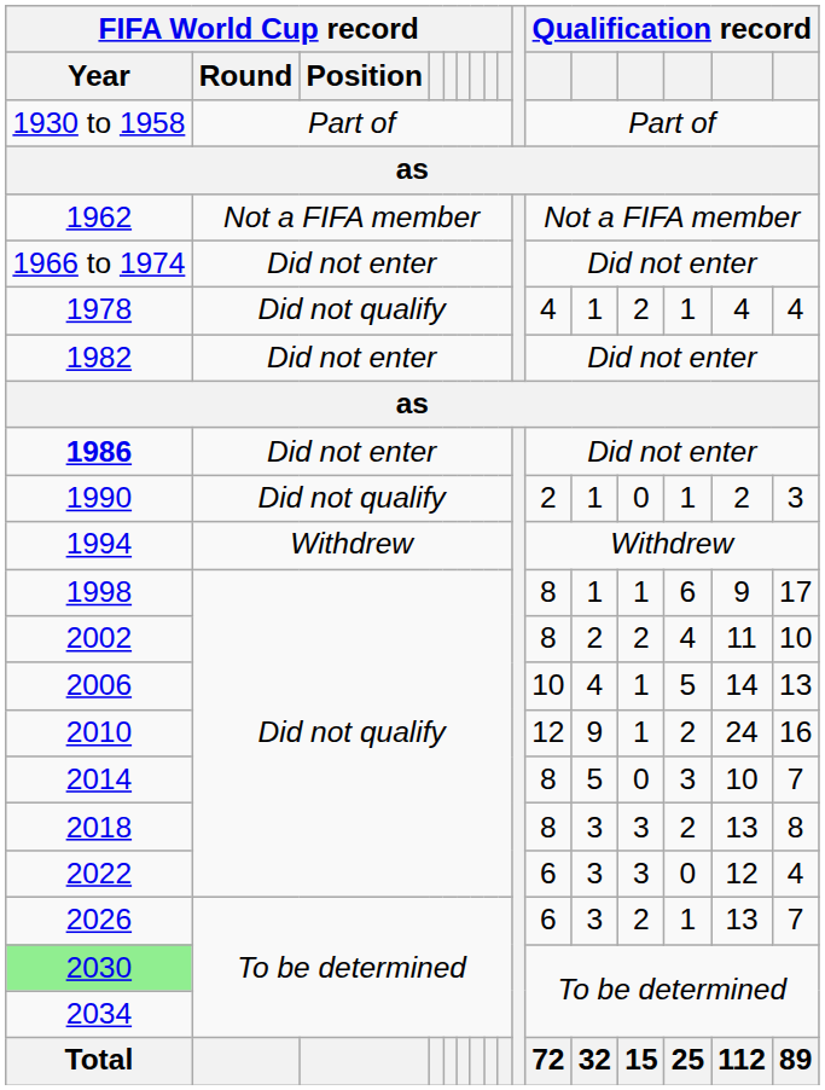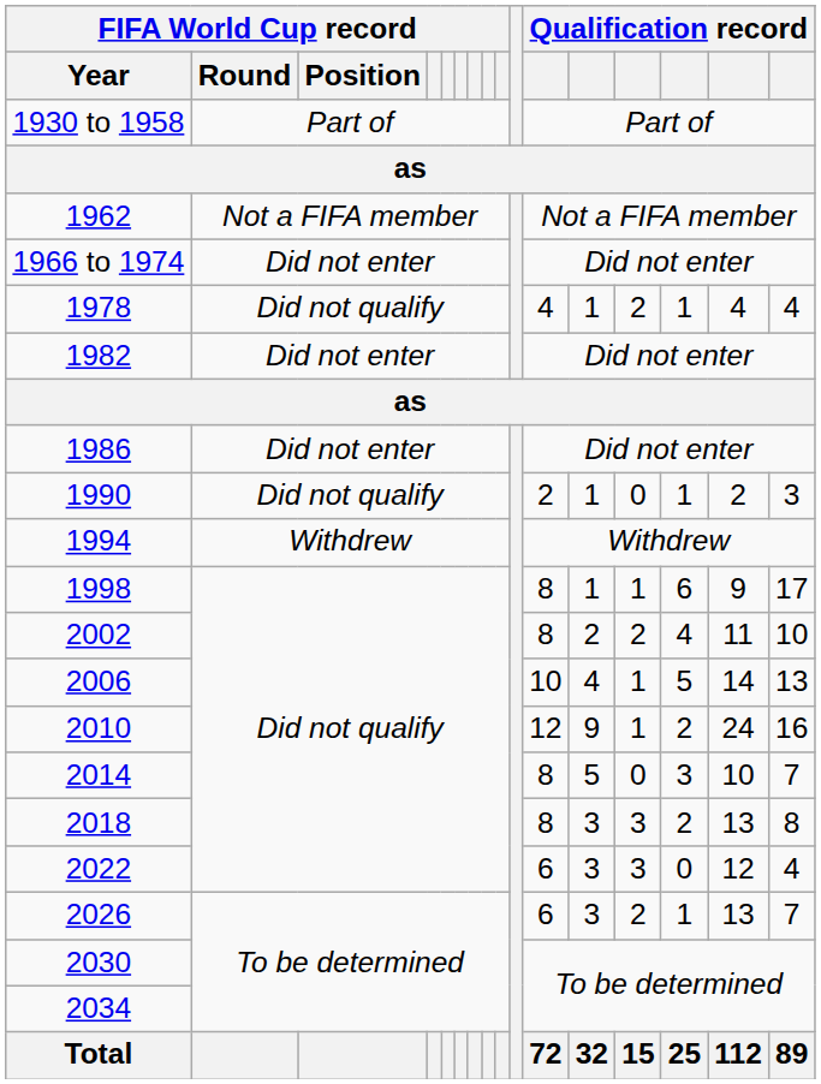 <table class="wikitable" style="text-align: center;">
 <tr>
 <th colspan=9><a href='#'>FIFA World Cup</a> record</th>
 <th rowspan=3></th>
 <th colspan=6><a href='#'>Qualification</a> record</th>
 </tr>
 <tr>
 <th>Year</th>
 <th>Round</th>
 <th>Position</th>
 <th></th>
 <th></th>
 <th></th>
 <th></th>
 <th></th>
 <th></th>
 <th></th>
 <th></th>
 <th></th>
 <th></th>
 <th></th>
 <th></th>
 </tr>
 <tr>
 <td><a href='#'>1930</a> to <a href='#'>1958</a></td>
 <td colspan=8><em>Part of </em></td>
 <td colspan=6><em>Part of </em></td>
 </tr>
 <tr>
 <th colspan=16>as <strong></strong></th>
 </tr>
 <tr>
 <td> <a href='#'>1962</a></td>
 <td colspan=8><em>Not a FIFA member</em></td>
 <th rowspan=4></th>
 <td colspan=6><em>Not a FIFA member</em></td>
 </tr>
 <tr>
 <td><a href='#'>1966</a> to <a href='#'>1974</a></td>
 <td colspan=8><em>Did not enter</em></td>
 <td colspan=6><em>Did not enter</em></td>
 </tr>
 <tr>
 <td> <a href='#'>1978</a></td>
 <td colspan=8><em>Did not qualify</em></td>
 <td>4</td>
 <td>1</td>
 <td>2</td>
 <td>1</td>
 <td>4</td>
 <td>4</td>
 </tr>
 <tr>
 <td> <a href='#'>1982</a></td>
 <td colspan=8><em>Did not enter</em></td>
 <td colspan=6><em>Did not enter</em></td>
 </tr>
 <tr>
 <th colspan=16>as <strong></strong></th>
 </tr>
 <tr>
-<td><strong> <a href='#'>1986</a></strong></td>
+<td> <a href='#'>1986</a></td>
 <td colspan=8><em>Did not enter</em></td>
 <th rowspan=36></th>
 <td colspan=6><em>Did not enter</em></td>
 </tr>
 <tr>
 <td> <a href='#'>1990</a></td>
 <td colspan=8><em>Did not qualify</em></td>
 <td>2</td>
 <td>1</td>
 <td>0</td>
 <td>1</td>
 <td>2</td>
 <td>3</td>
 </tr>
 <tr>
 <td> <a href='#'>1994</a></td>
 <td colspan=8><em>Withdrew</em></td>
 <td colspan=6><em>Withdrew</em></td>
 </tr>
 <tr>
 <td> <a href='#'>1998</a></td>
 <td colspan=8 rowspan=7><em> Did not qualify</em></td>
 <td>8</td>
 <td>1</td>
 <td>1</td>
 <td>6</td>
 <td>9</td>
 <td>17</td>
 </tr>
 <tr>
 <td>  <a href='#'>2002</a></td>
 <td>8</td>
 <td>2</td>
 <td>2</td>
 <td>4</td>
 <td>11</td>
 <td>10</td>
 </tr>
 <tr>
 <td> <a href='#'>2006</a></td>
 <td>10</td>
 <td>4</td>
 <td>1</td>
 <td>5</td>
 <td>14</td>
 <td>13</td>
 </tr>
 <tr>
 <td> <a href='#'>2010</a></td>
 <td>12</td>
 <td>9</td>
 <td>1</td>
 <td>2</td>
 <td>24</td>
 <td>16</td>
 </tr>
 <tr>
 <td> <a href='#'>2014</a></td>
 <td>8</td>
 <td>5</td>
 <td>0</td>
 <td>3</td>
 <td>10</td>
 <td>7</td>
 </tr>
 <tr>
 <td> <a href='#'>2018</a></td>
 <td>8</td>
 <td>3</td>
 <td>3</td>
 <td>2</td>
 <td>13</td>
 <td>8</td>
 </tr>
 <tr>
 <td> <a href='#'>2022</a></td>
 <td>6</td>
 <td>3</td>
 <td>3</td>
 <td>0</td>
 <td>12</td>
 <td>4</td>
 </tr>
 <tr>
 <td>   <a href='#'>2026</a></td>
 <td colspan=8 rowspan=3><em>To be determined</em></td>
 <td>6</td>
 <td>3</td>
 <td>2</td>
 <td>1</td>
 <td>13</td>
 <td>7</td>
 </tr>
 <tr>
-<td style="background: lightgreen;">   <a href='#'>2030</a></td>
+<td>   <a href='#'>2030</a></td>
 <td colspan=6 rowspan=2><em>To be determined</em></td>
 </tr>
 <tr>
 <td> <a href='#'>2034</a></td>
 </tr>
 <tr>
 <th>Total</th>
 <th></th>
 <th></th>
 <th></th>
 <th></th>
 <th></th>
 <th></th>
 <th></th>
 <th></th>
 <th>72</th>
 <th>32</th>
 <th>15</th>
 <th>25</th>
 <th>112</th>
 <th>89</th>
 </tr>
 </table>
